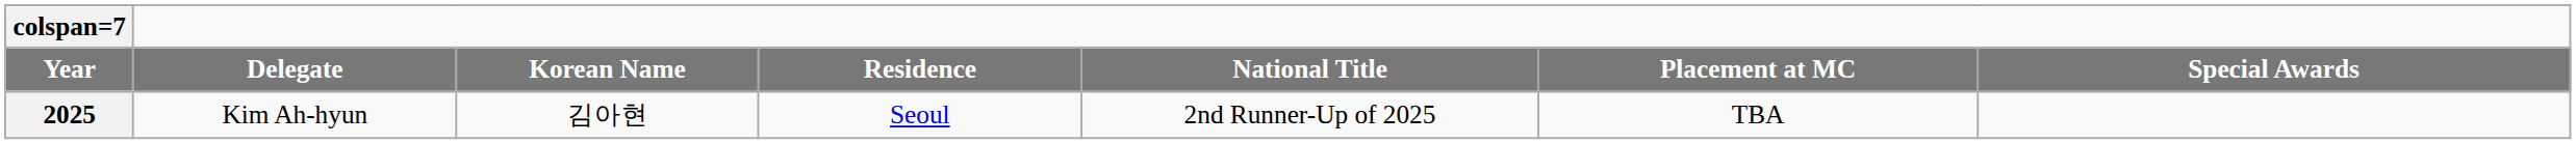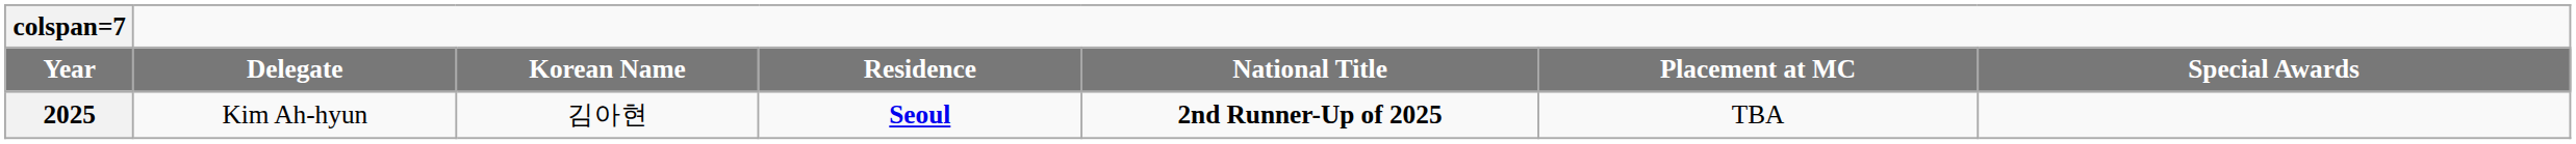 <table class="wikitable sortable" style="font-size: 85%; text-align:center">
 <tr>
 <th>colspan=7 </th>
 </tr>
 <tr>
 <th width="60" style="background-color:#787878;color:#FFFFFF;">Year</th>
 <th width="160" style="background-color:#787878;color:#FFFFFF;">Delegate</th>
 <th width="150" style="background-color:#787878;color:#FFFFFF;">Korean Name</th>
 <th width="160" style="background-color:#787878;color:#FFFFFF;">Residence</th>
 <th width="230" style="background-color:#787878;color:#FFFFFF;">National Title</th>
 <th width="220" style="background-color:#787878;color:#FFFFFF;">Placement at MC</th>
 <th width="300" style="background-color:#787878;color:#FFFFFF;">Special Awards</th>
 </tr>
 <tr>
 <th>2025</th>
 <td>Kim Ah-hyun</td>
 <td>김아현</td>
-<td><a href='#'>Seoul</a></td>
-<td>2nd Runner-Up of 2025</td>
+<td><strong><a href='#'>Seoul</a></strong></td>
+<td><strong>2nd Runner-Up of 2025</strong></td>
 <td>TBA</td>
 </tr>
 </table>
